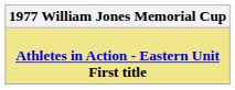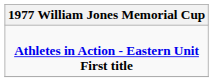 <table class="wikitable" style="text-align: center; margin: 0 auto;">
 <tr>
 <th>1977 William Jones Memorial Cup</th>
 </tr>
 <tr>
-<td style="background: khaki;"> <br> <strong><a href='#'>Athletes in Action - Eastern Unit</a></strong> <br> <strong>First title</strong></td>
+<td> <br> <strong><a href='#'>Athletes in Action - Eastern Unit</a></strong> <br> <strong>First title</strong></td>
 </tr>
 <tr>
 </tr>
 </table>
